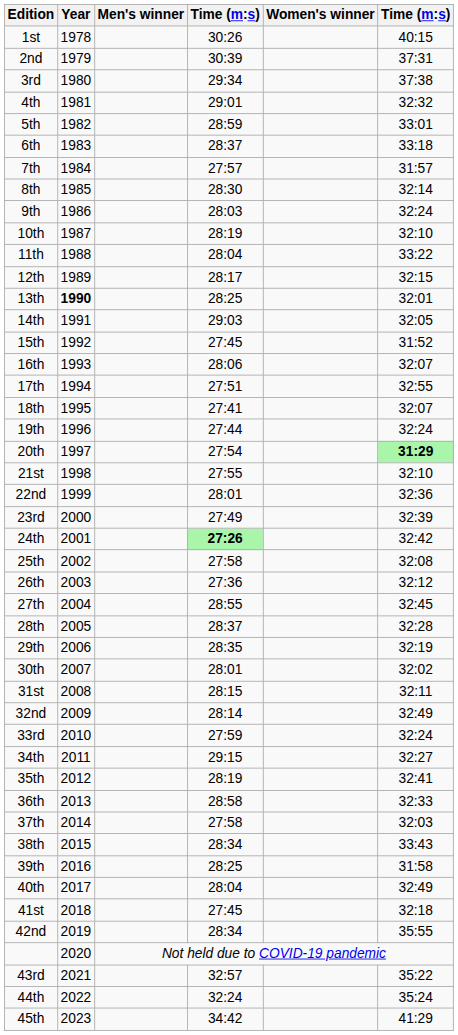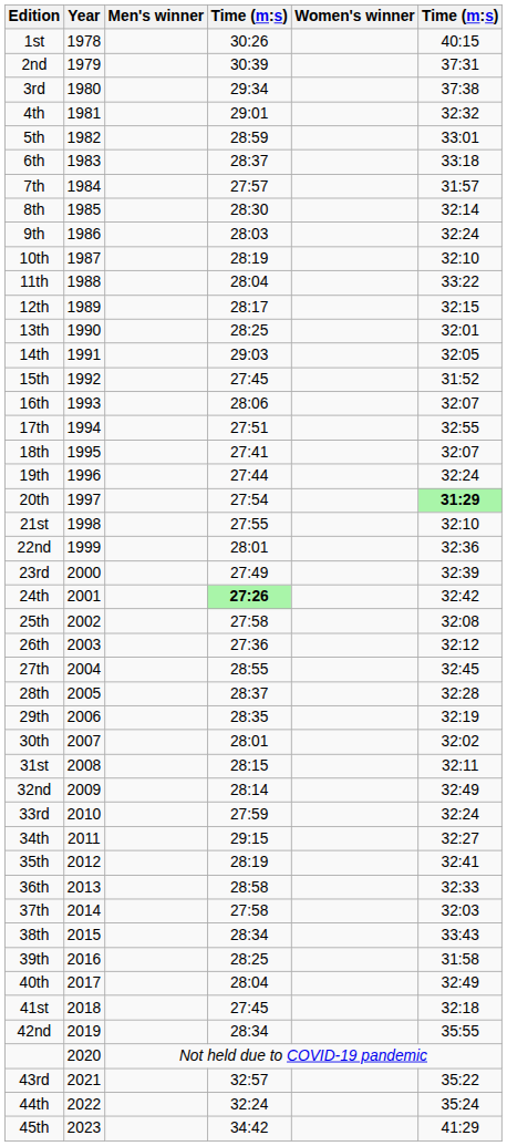 <table class="wikitable sortable" style="text-align:center">
 <tr>
 <th>Edition</th>
 <th>Year</th>
 <th class=unsortable>Men's winner</th>
 <th>Time (<a href='#'>m</a>:<a href='#'>s</a>)</th>
 <th class=unsortable>Women's winner</th>
 <th>Time (<a href='#'>m</a>:<a href='#'>s</a>)</th>
 </tr>
 <tr>
 <td>1st</td>
 <td>1978</td>
 <td align=left></td>
 <td>30:26</td>
 <td align=left></td>
 <td>40:15</td>
 </tr>
 <tr>
 <td>2nd</td>
 <td>1979</td>
 <td align=left></td>
 <td>30:39</td>
 <td align=left></td>
 <td>37:31</td>
 </tr>
 <tr>
 <td>3rd</td>
 <td>1980</td>
 <td align=left></td>
 <td>29:34</td>
 <td align=left></td>
 <td>37:38</td>
 </tr>
 <tr>
 <td>4th</td>
 <td>1981</td>
 <td align=left></td>
 <td>29:01</td>
 <td align=left></td>
 <td>32:32</td>
 </tr>
 <tr>
 <td>5th</td>
 <td>1982</td>
 <td align=left></td>
 <td>28:59</td>
 <td align=left></td>
 <td>33:01</td>
 </tr>
 <tr>
 <td>6th</td>
 <td>1983</td>
 <td align=left></td>
 <td>28:37</td>
 <td align=left></td>
 <td>33:18</td>
 </tr>
 <tr>
 <td>7th</td>
 <td>1984</td>
 <td align=left></td>
 <td>27:57</td>
 <td align=left></td>
 <td>31:57</td>
 </tr>
 <tr>
 <td>8th</td>
 <td>1985</td>
 <td align=left></td>
 <td>28:30</td>
 <td align=left></td>
 <td>32:14</td>
 </tr>
 <tr>
 <td>9th</td>
 <td>1986</td>
 <td align=left></td>
 <td>28:03</td>
 <td align=left></td>
 <td>32:24</td>
 </tr>
 <tr>
 <td>10th</td>
 <td>1987</td>
 <td align=left></td>
 <td>28:19</td>
 <td align=left></td>
 <td>32:10</td>
 </tr>
 <tr>
 <td>11th</td>
 <td>1988</td>
 <td align=left></td>
 <td>28:04</td>
 <td align=left></td>
 <td>33:22</td>
 </tr>
 <tr>
 <td>12th</td>
 <td>1989</td>
 <td align=left></td>
 <td>28:17</td>
 <td align=left></td>
 <td>32:15</td>
 </tr>
 <tr>
 <td>13th</td>
-<td><strong>1990</strong></td>
+<td>1990</td>
 <td align=left></td>
 <td>28:25</td>
 <td align=left></td>
 <td>32:01</td>
 </tr>
 <tr>
 <td>14th</td>
 <td>1991</td>
 <td align=left></td>
 <td>29:03</td>
 <td align=left></td>
 <td>32:05</td>
 </tr>
 <tr>
 <td>15th</td>
 <td>1992</td>
 <td align=left></td>
 <td>27:45</td>
 <td align=left></td>
 <td>31:52</td>
 </tr>
 <tr>
 <td>16th</td>
 <td>1993</td>
 <td align=left></td>
 <td>28:06</td>
 <td align=left></td>
 <td>32:07</td>
 </tr>
 <tr>
 <td>17th</td>
 <td>1994</td>
 <td align=left></td>
 <td>27:51</td>
 <td align=left></td>
 <td>32:55</td>
 </tr>
 <tr>
 <td>18th</td>
 <td>1995</td>
 <td align=left></td>
 <td>27:41</td>
 <td align=left></td>
 <td>32:07</td>
 </tr>
 <tr>
 <td>19th</td>
 <td>1996</td>
 <td align=left></td>
 <td>27:44</td>
 <td align=left></td>
 <td>32:24</td>
 </tr>
 <tr>
 <td>20th</td>
 <td>1997</td>
 <td align=left></td>
 <td>27:54</td>
 <td align=left></td>
 <td bgcolor=#A9F5A9><strong>31:29</strong></td>
 </tr>
 <tr>
 <td>21st</td>
 <td>1998</td>
 <td align=left></td>
 <td>27:55</td>
 <td align=left></td>
 <td>32:10</td>
 </tr>
 <tr>
 <td>22nd</td>
 <td>1999</td>
 <td align=left></td>
 <td>28:01</td>
 <td align=left></td>
 <td>32:36</td>
 </tr>
 <tr>
 <td>23rd</td>
 <td>2000</td>
 <td align=left></td>
 <td>27:49</td>
 <td align=left></td>
 <td>32:39</td>
 </tr>
 <tr>
 <td>24th</td>
 <td>2001</td>
 <td align=left></td>
 <td bgcolor=#A9F5A9><strong>27:26</strong></td>
 <td align=left></td>
 <td>32:42</td>
 </tr>
 <tr>
 <td>25th</td>
 <td>2002</td>
 <td align=left></td>
 <td>27:58</td>
 <td align=left></td>
 <td>32:08</td>
 </tr>
 <tr>
 <td>26th</td>
 <td>2003</td>
 <td align=left></td>
 <td>27:36</td>
 <td align=left></td>
 <td>32:12</td>
 </tr>
 <tr>
 <td>27th</td>
 <td>2004</td>
 <td align=left></td>
 <td>28:55</td>
 <td align=left></td>
 <td>32:45</td>
 </tr>
 <tr>
 <td>28th</td>
 <td>2005</td>
 <td align=left></td>
 <td>28:37</td>
 <td align=left></td>
 <td>32:28</td>
 </tr>
 <tr>
 <td>29th</td>
 <td>2006</td>
 <td align=left></td>
 <td>28:35</td>
 <td align=left></td>
 <td>32:19</td>
 </tr>
 <tr>
 <td>30th</td>
 <td>2007</td>
 <td align=left></td>
 <td>28:01</td>
 <td align=left></td>
 <td>32:02</td>
 </tr>
 <tr>
 <td>31st</td>
 <td>2008</td>
 <td align=left></td>
 <td>28:15</td>
 <td align=left></td>
 <td>32:11</td>
 </tr>
 <tr>
 <td>32nd</td>
 <td>2009</td>
 <td align=left></td>
 <td>28:14</td>
 <td align=left></td>
 <td>32:49</td>
 </tr>
 <tr>
 <td>33rd</td>
 <td>2010</td>
 <td align=left></td>
 <td>27:59</td>
 <td align=left></td>
 <td>32:24</td>
 </tr>
 <tr>
 <td>34th</td>
 <td>2011</td>
 <td align=left></td>
 <td>29:15</td>
 <td align=left></td>
 <td>32:27</td>
 </tr>
 <tr>
 <td>35th</td>
 <td>2012</td>
 <td align=left></td>
 <td>28:19</td>
 <td align=left></td>
 <td>32:41</td>
 </tr>
 <tr>
 <td>36th</td>
 <td>2013</td>
 <td align=left></td>
 <td>28:58</td>
 <td align=left></td>
 <td>32:33</td>
 </tr>
 <tr>
 <td>37th</td>
 <td>2014</td>
 <td align=left></td>
 <td>27:58</td>
 <td align=left></td>
 <td>32:03</td>
 </tr>
 <tr>
 <td>38th</td>
 <td>2015</td>
 <td align=left></td>
 <td>28:34</td>
 <td align=left></td>
 <td>33:43</td>
 </tr>
 <tr>
 <td>39th</td>
 <td>2016</td>
 <td align=left></td>
 <td>28:25</td>
 <td align=left></td>
 <td>31:58</td>
 </tr>
 <tr>
 <td>40th</td>
 <td>2017</td>
 <td align=left></td>
 <td>28:04</td>
 <td align=left></td>
 <td>32:49</td>
 </tr>
 <tr>
 <td>41st</td>
 <td>2018</td>
 <td align=left></td>
 <td>27:45</td>
 <td align=left></td>
 <td>32:18</td>
 </tr>
 <tr>
 <td>42nd</td>
 <td>2019</td>
 <td align=left></td>
 <td>28:34</td>
 <td align=left></td>
 <td>35:55</td>
 </tr>
 <tr>
 <td></td>
 <td>2020</td>
 <td colspan=4><em>Not held due to <a href='#'>COVID-19 pandemic</a></em></td>
 </tr>
 <tr>
 <td>43rd</td>
 <td>2021</td>
 <td align=left></td>
 <td>32:57</td>
 <td align=left></td>
 <td>35:22</td>
 </tr>
 <tr>
 <td>44th</td>
 <td>2022</td>
 <td></td>
 <td>32:24</td>
 <td></td>
 <td>35:24</td>
 </tr>
 <tr>
 <td>45th</td>
 <td>2023</td>
 <td></td>
 <td>34:42</td>
 <td></td>
 <td>41:29</td>
 </tr>
 </table>
